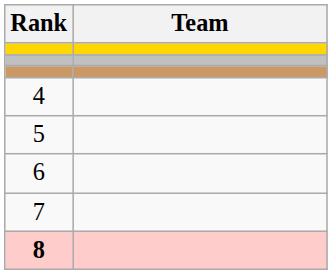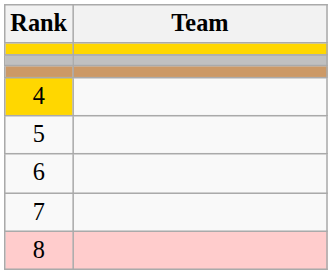 <table class="wikitable">
 <tr>
 <th width=30px>Rank</th>
 <th width=160px>Team</th>
 </tr>
 <tr style="background:gold;">
 <td align=center></td>
 <td></td>
 </tr>
 <tr style="background:silver;">
 <td align=center></td>
 <td></td>
 </tr>
 <tr style="background:#cc9966;">
 <td align=center></td>
 <td></td>
 </tr>
 <tr>
-<td align=center>4</td>
+<td align=center style="background: gold;">4</td>
 <td></td>
 </tr>
 <tr>
 <td align=center>5</td>
 <td></td>
 </tr>
 <tr>
 <td align=center>6</td>
 <td></td>
 </tr>
 <tr>
 <td align=center>7</td>
 <td></td>
 </tr>
 <tr style="background:#ffcccc;">
-<td align=center><strong>8</strong></td>
+<td align=center>8</td>
 <td></td>
 </tr>
 </table>
